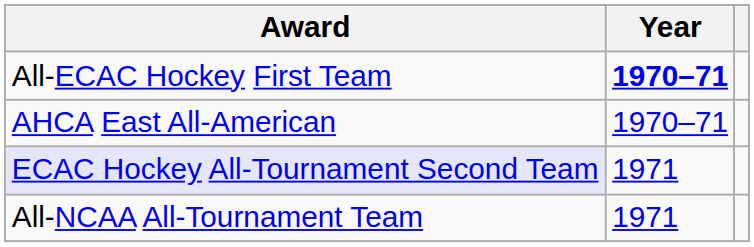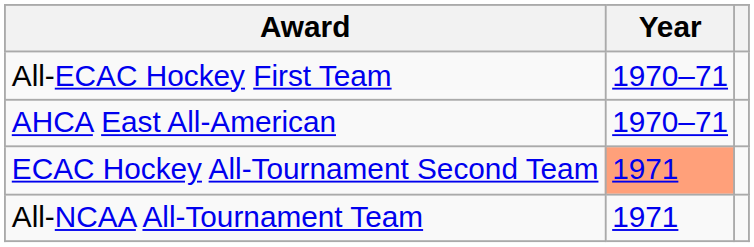 <table class="wikitable">
 <tr>
 <th>Award</th>
 <th>Year</th>
 <th></th>
 </tr>
 <tr>
 <td>All-<a href='#'>ECAC Hockey</a> <a href='#'>First Team</a></td>
-<td><strong><a href='#'>1970–71</a></strong></td>
+<td><a href='#'>1970–71</a></td>
 <td></td>
 </tr>
 <tr>
 <td><a href='#'>AHCA</a> <a href='#'>East All-American</a></td>
 <td><a href='#'>1970–71</a></td>
 <td></td>
 </tr>
 <tr>
-<td style="background: lavender;"><a href='#'>ECAC Hockey</a> <a href='#'>All-Tournament Second Team</a></td>
-<td><a href='#'>1971</a></td>
+<td><a href='#'>ECAC Hockey</a> <a href='#'>All-Tournament Second Team</a></td>
+<td style="background: lightsalmon;"><a href='#'>1971</a></td>
 <td></td>
 </tr>
 <tr>
 <td>All-<a href='#'>NCAA</a> <a href='#'>All-Tournament Team</a></td>
 <td><a href='#'>1971</a></td>
 <td></td>
 </tr>
 </table>
